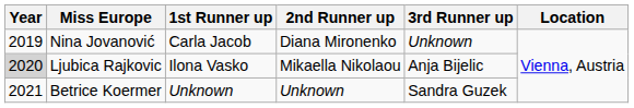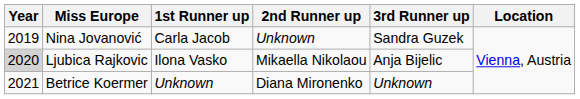 <table class="wikitable" style="font-size: 95%;">
 <tr>
 <th>Year</th>
 <th>Miss Europe</th>
 <th>1st Runner up</th>
 <th>2nd Runner up</th>
 <th>3rd Runner up</th>
 <th>Location</th>
 </tr>
 <tr>
 <td>2019</td>
 <td>Nina Jovanović<br></td>
 <td>Carla Jacob<br></td>
-<td>Diana Mironenko<br></td>
 <td><em>Unknown</em></td>
+<td>Sandra Guzek<br></td>
 <td rowspan="3"><a href='#'>Vienna</a>, Austria</td>
 </tr>
 <tr>
 <td style="background: lightgrey;">2020</td>
 <td>Ljubica Rajkovic<br></td>
 <td>Ilona Vasko<br></td>
 <td>Mikaella Nikolaou<br></td>
 <td>Anja Bijelic<br></td>
 </tr>
 <tr>
 <td>2021</td>
 <td>Betrice Koermer<br></td>
 <td><em>Unknown</em></td>
+<td>Diana Mironenko<br></td>
 <td><em>Unknown</em></td>
-<td>Sandra Guzek<br></td>
 </tr>
 </table>
